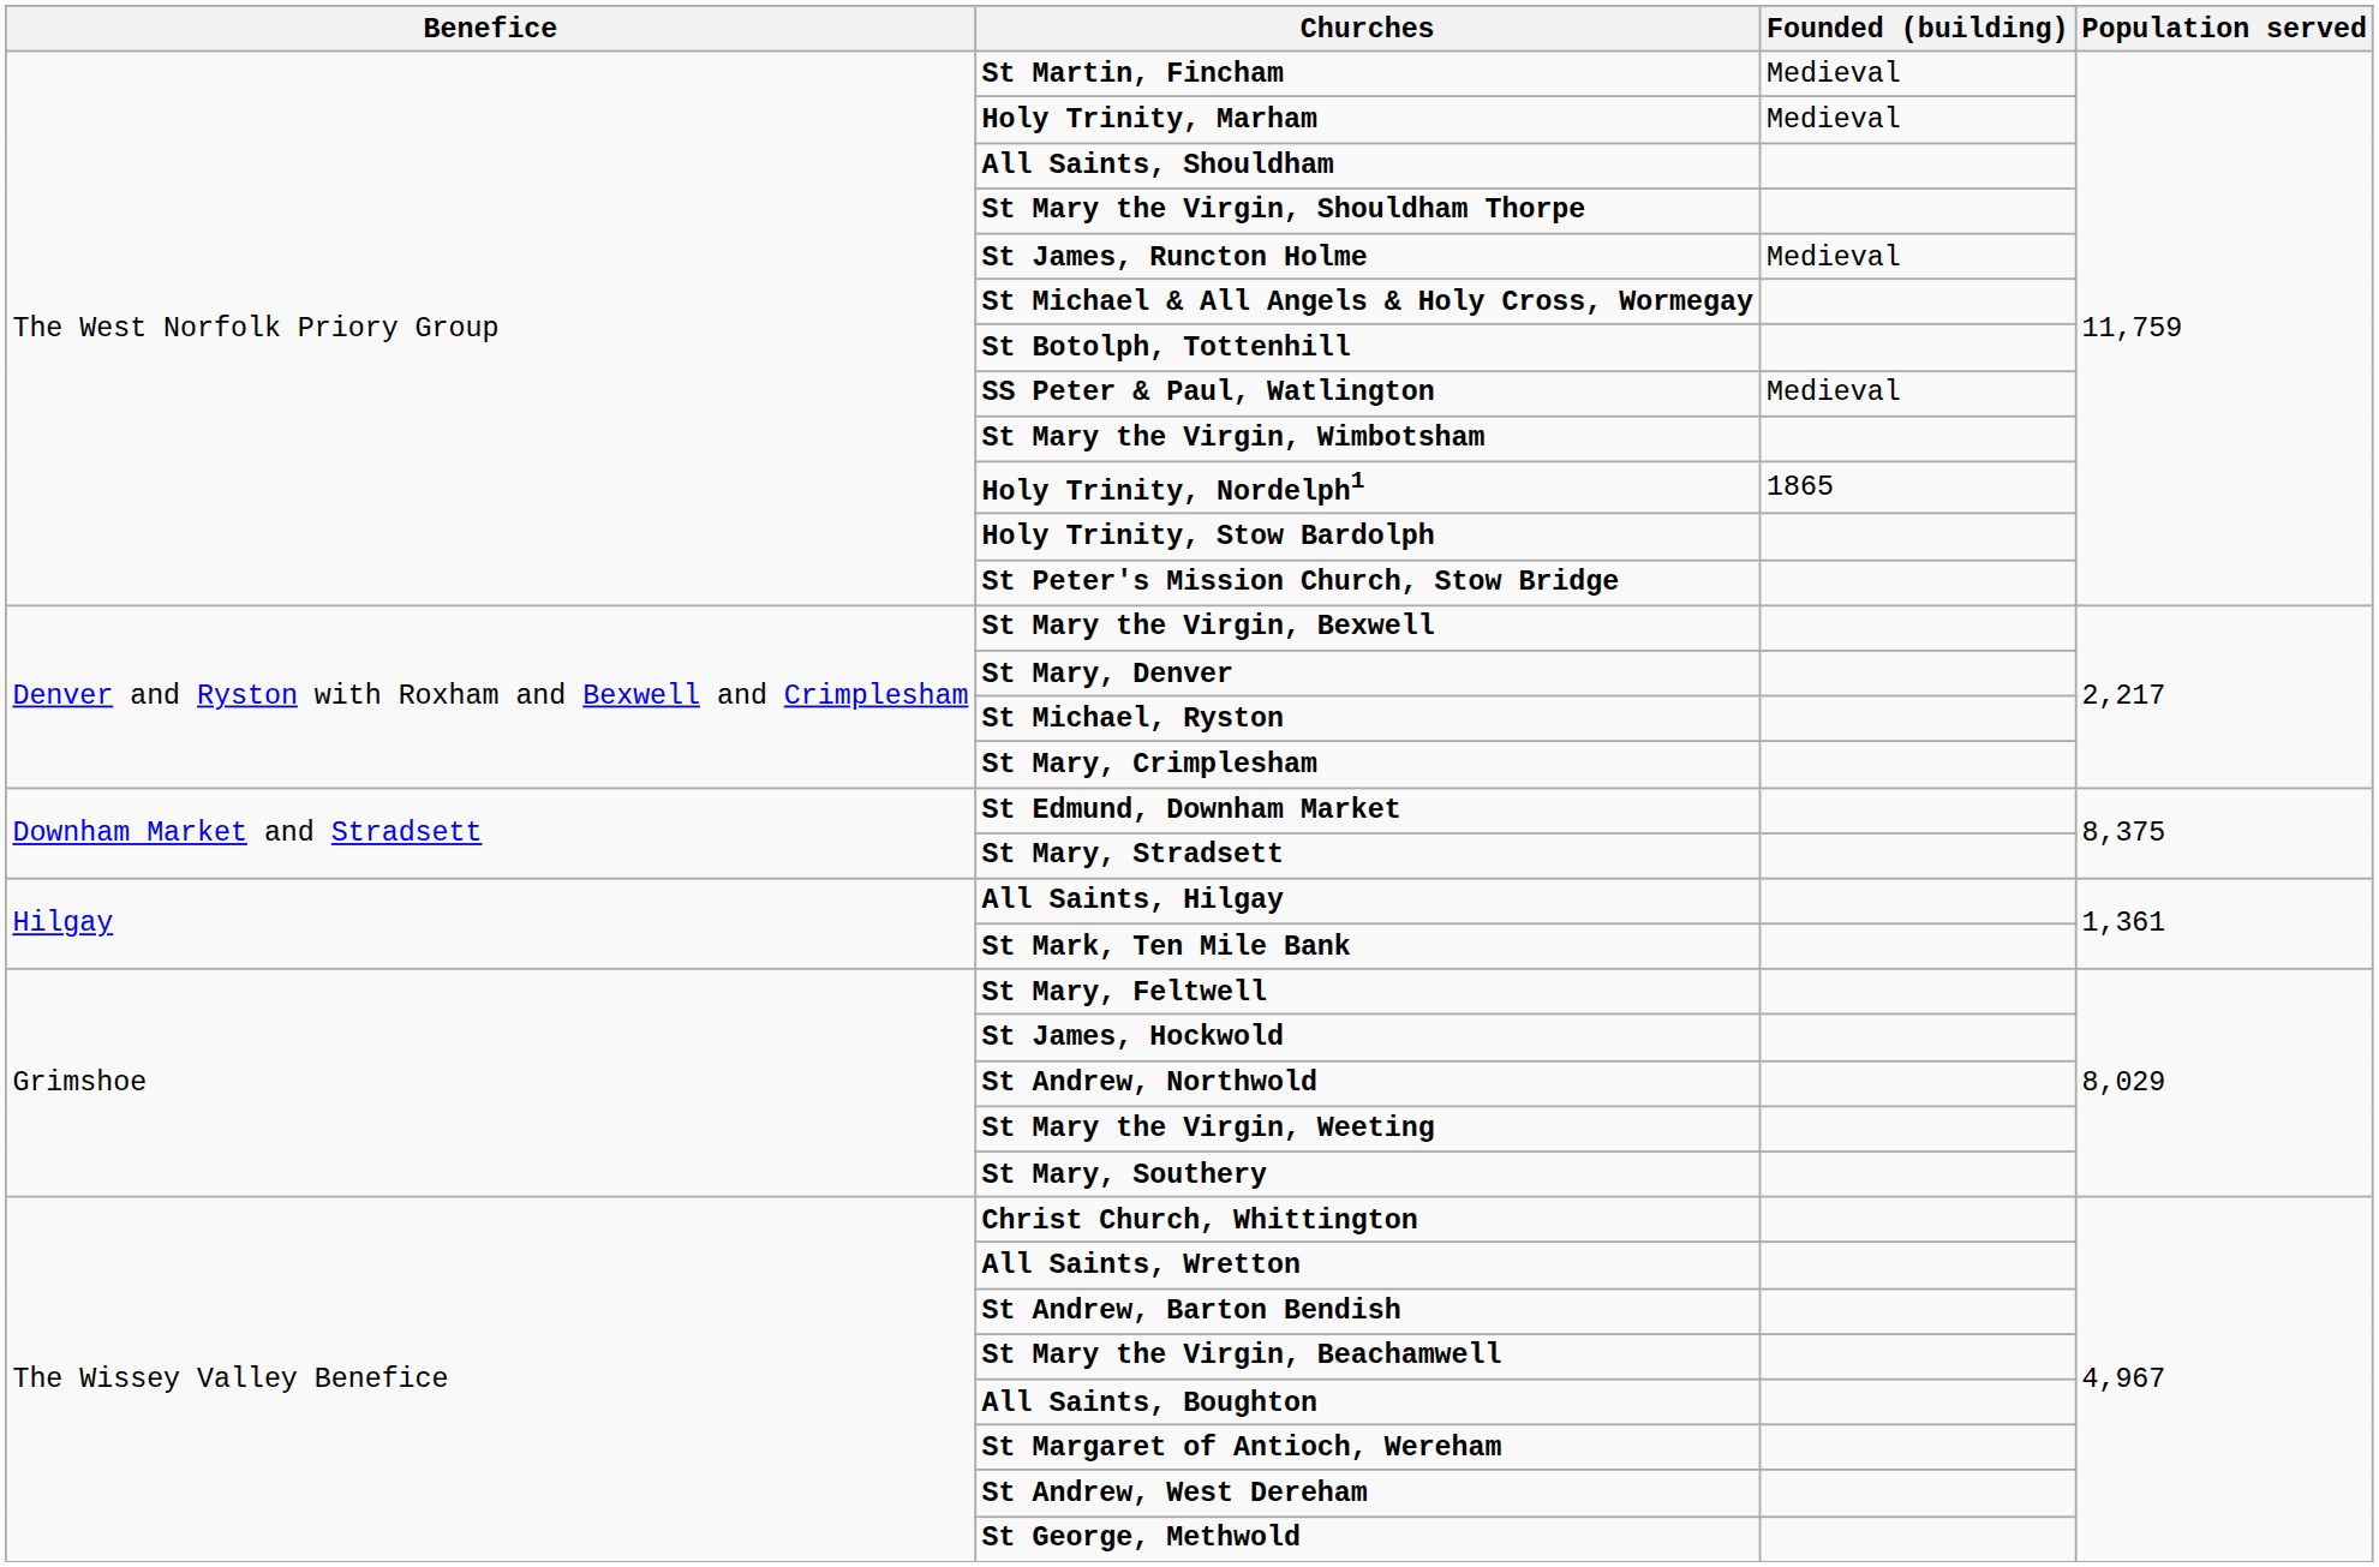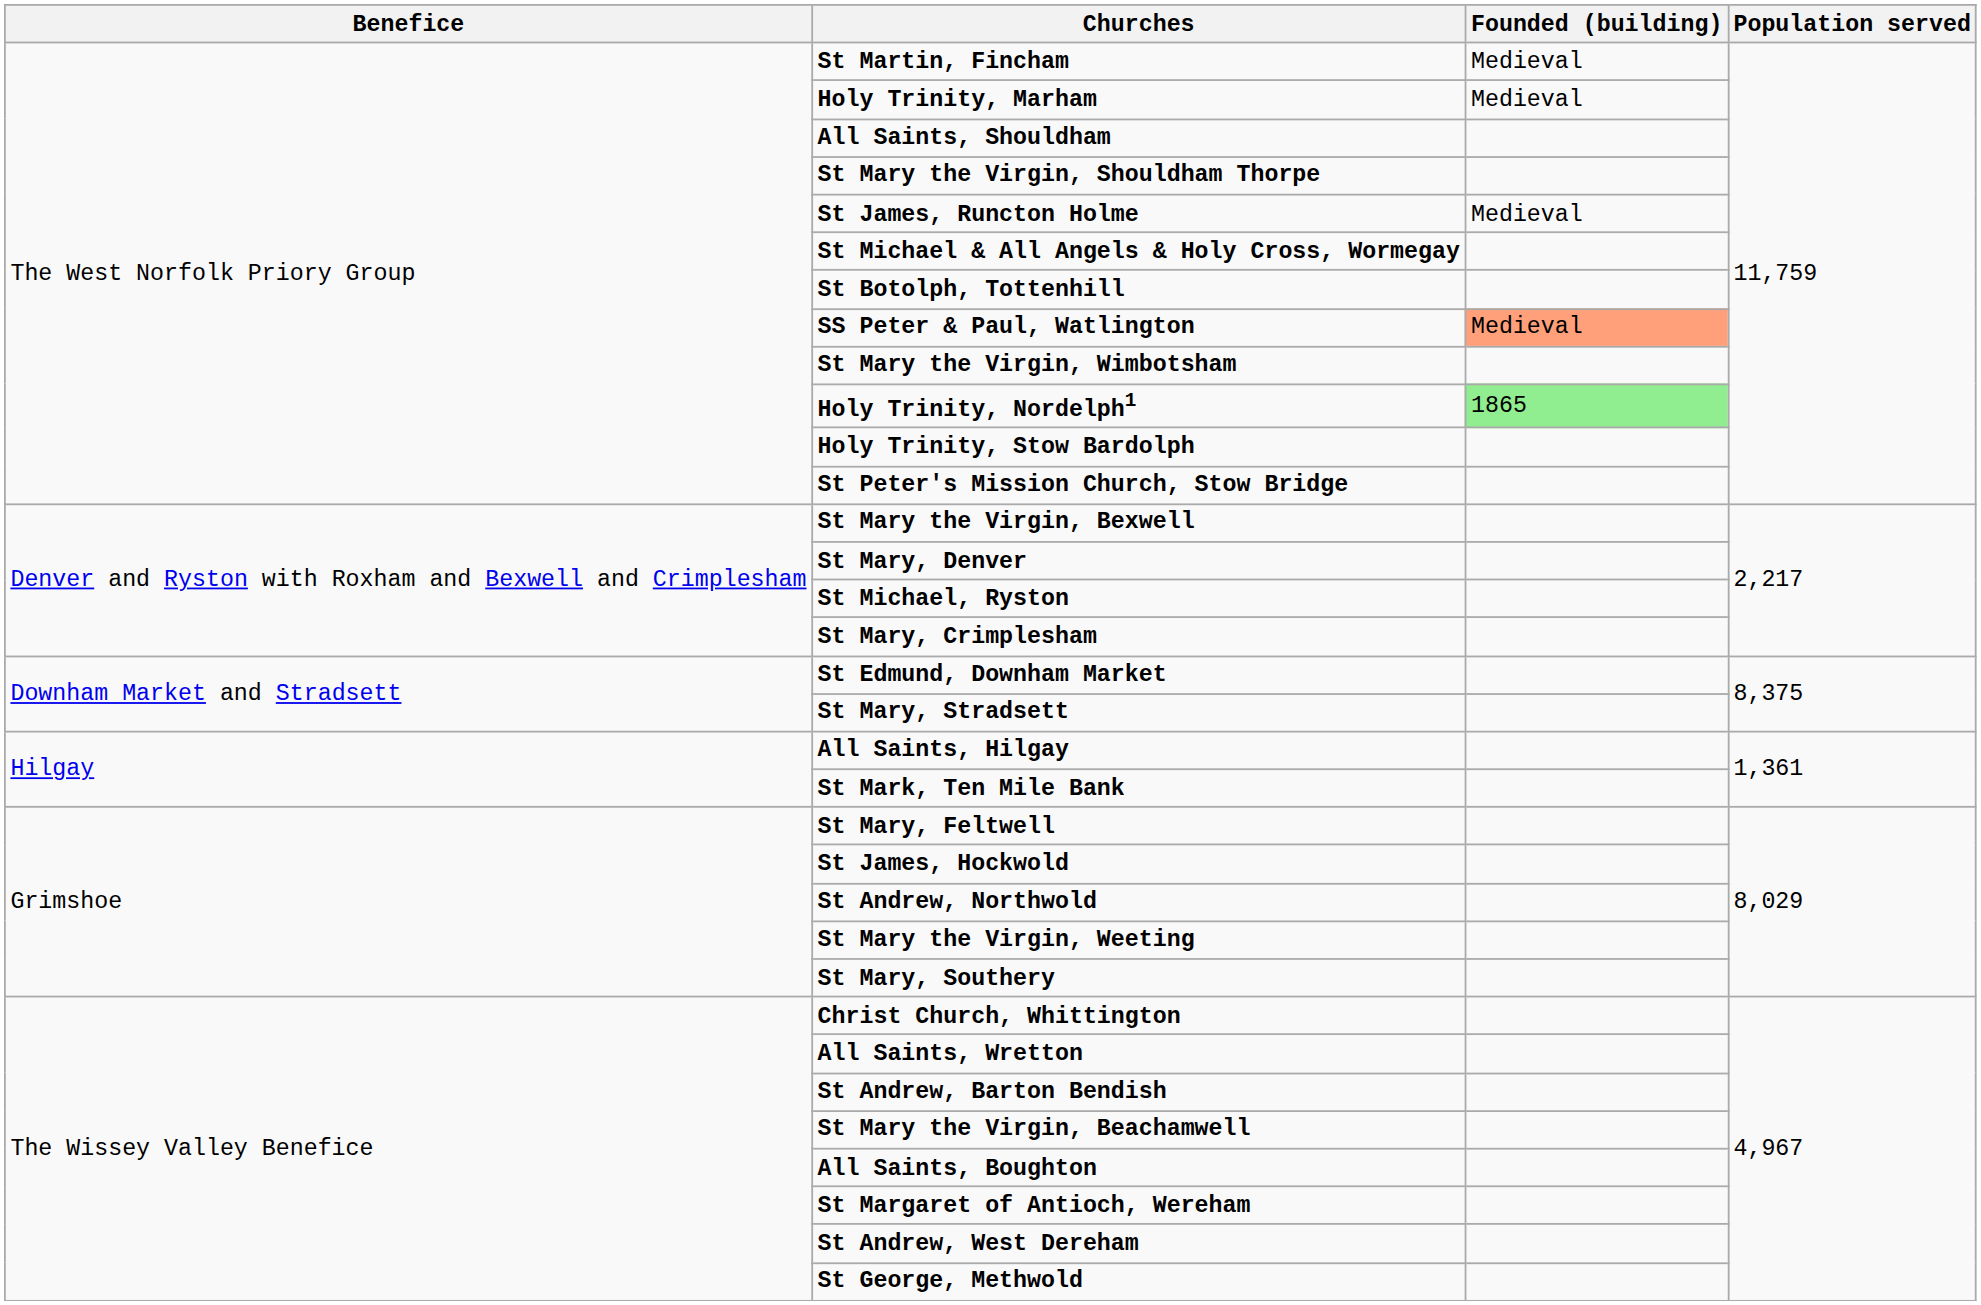 <table class="wikitable">
 <tr>
 <th>Benefice</th>
 <th>Churches</th>
 <th>Founded (building)</th>
 <th>Population served<strong></strong></th>
 </tr>
 <tr>
 <td rowspan="12">The West Norfolk Priory Group</td>
 <td><strong>St Martin, Fincham</strong></td>
 <td>Medieval</td>
 <td rowspan="12">11,759</td>
 </tr>
 <tr>
 <td><strong>Holy Trinity, Marham</strong></td>
 <td>Medieval</td>
 </tr>
 <tr>
 <td><strong>All Saints, Shouldham</strong></td>
 <td></td>
 </tr>
 <tr>
 <td><strong>St Mary the Virgin, Shouldham Thorpe</strong></td>
 <td></td>
 </tr>
 <tr>
 <td><strong>St James, Runcton Holme</strong></td>
 <td>Medieval</td>
 </tr>
 <tr>
 <td><strong>St Michael & All Angels & Holy Cross, Wormegay</strong></td>
 <td></td>
 </tr>
 <tr>
 <td><strong>St Botolph, Tottenhill</strong></td>
 <td></td>
 </tr>
 <tr>
 <td><strong>SS Peter & Paul, Watlington</strong></td>
-<td>Medieval</td>
+<td style="background: lightsalmon;">Medieval</td>
 </tr>
 <tr>
 <td><strong>St Mary the Virgin, Wimbotsham</strong></td>
 <td></td>
 </tr>
 <tr>
 <td><strong>Holy Trinity, Nordelph<sup>1</sup></strong></td>
-<td>1865</td>
+<td style="background: lightgreen;">1865</td>
 </tr>
 <tr>
 <td><strong>Holy Trinity, Stow Bardolph</strong></td>
 <td></td>
 </tr>
 <tr>
 <td><strong>St Peter's Mission Church, Stow Bridge</strong></td>
 <td></td>
 </tr>
 <tr>
 <td rowspan="4"><a href='#'>Denver</a> and <a href='#'>Ryston</a> with Roxham and <a href='#'>Bexwell</a> and <a href='#'>Crimplesham</a></td>
 <td><strong>St Mary the Virgin, Bexwell</strong></td>
 <td></td>
 <td rowspan="4">2,217</td>
 </tr>
 <tr>
 <td><strong>St Mary, Denver</strong></td>
 <td></td>
 </tr>
 <tr>
 <td><strong>St Michael, Ryston</strong></td>
 <td></td>
 </tr>
 <tr>
 <td><strong>St Mary, Crimplesham</strong></td>
 <td></td>
 </tr>
 <tr>
 <td rowspan="2"><a href='#'>Downham Market</a> and <a href='#'>Stradsett</a></td>
 <td><strong>St Edmund, Downham Market</strong></td>
 <td></td>
 <td rowspan="2">8,375</td>
 </tr>
 <tr>
 <td><strong>St Mary, Stradsett</strong></td>
 <td></td>
 </tr>
 <tr>
 <td rowspan="2"><a href='#'>Hilgay</a></td>
 <td><strong>All Saints, Hilgay</strong></td>
 <td></td>
 <td rowspan="2">1,361</td>
 </tr>
 <tr>
 <td><strong>St Mark, Ten Mile Bank</strong></td>
 <td></td>
 </tr>
 <tr>
 <td rowspan="5">Grimshoe</td>
 <td><strong>St Mary, Feltwell</strong></td>
 <td></td>
 <td rowspan="5">8,029</td>
 </tr>
 <tr>
 <td><strong>St James, Hockwold</strong></td>
 <td></td>
 </tr>
 <tr>
 <td><strong>St Andrew, Northwold</strong></td>
 <td></td>
 </tr>
 <tr>
 <td><strong>St Mary the Virgin, Weeting</strong></td>
 <td></td>
 </tr>
 <tr>
 <td><strong>St Mary, Southery</strong></td>
 <td></td>
 </tr>
 <tr>
 <td rowspan="8">The Wissey Valley Benefice</td>
 <td><strong>Christ Church, Whittington</strong></td>
 <td></td>
 <td rowspan="8">4,967</td>
 </tr>
 <tr>
 <td><strong>All Saints, Wretton</strong></td>
 <td></td>
 </tr>
 <tr>
 <td><strong>St Andrew, Barton Bendish</strong></td>
 <td></td>
 </tr>
 <tr>
 <td><strong>St Mary the Virgin, Beachamwell</strong></td>
 <td></td>
 </tr>
 <tr>
 <td><strong>All Saints, Boughton</strong></td>
 <td></td>
 </tr>
 <tr>
 <td><strong>St Margaret of Antioch, Wereham</strong></td>
 <td></td>
 </tr>
 <tr>
 <td><strong>St Andrew, West Dereham</strong></td>
 <td></td>
 </tr>
 <tr>
 <td><strong>St George, Methwold</strong></td>
 <td></td>
 </tr>
 </table>
